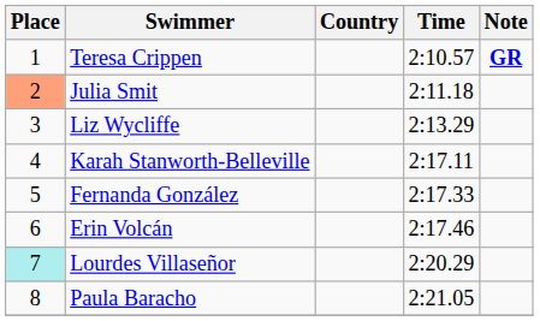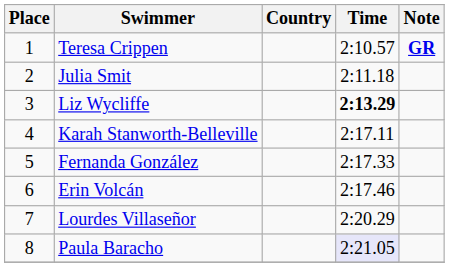 <table class="wikitable" style="text-align:center">
 <tr>
 <th>Place</th>
 <th>Swimmer</th>
 <th>Country</th>
 <th>Time</th>
 <th>Note</th>
 </tr>
 <tr>
 <td>1</td>
 <td align=left><a href='#'>Teresa Crippen</a></td>
 <td align=left></td>
 <td>2:10.57</td>
 <td><strong><a href='#'>GR</a></strong></td>
 </tr>
 <tr>
-<td style="background: lightsalmon;">2</td>
+<td>2</td>
 <td align=left><a href='#'>Julia Smit</a></td>
 <td align=left></td>
 <td>2:11.18</td>
 <td></td>
 </tr>
 <tr>
 <td>3</td>
 <td align=left><a href='#'>Liz Wycliffe</a></td>
 <td align=left></td>
-<td>2:13.29</td>
+<td><strong>2:13.29</strong></td>
 <td></td>
 </tr>
 <tr>
 <td>4</td>
 <td align=left><a href='#'>Karah Stanworth-Belleville</a></td>
 <td align=left></td>
 <td>2:17.11</td>
 <td></td>
 </tr>
 <tr>
 <td>5</td>
 <td align=left><a href='#'>Fernanda González</a></td>
 <td align=left></td>
 <td>2:17.33</td>
 <td></td>
 </tr>
 <tr>
 <td>6</td>
 <td align=left><a href='#'>Erin Volcán</a></td>
 <td align=left></td>
 <td>2:17.46</td>
 <td></td>
 </tr>
 <tr>
-<td style="background: paleturquoise;">7</td>
+<td>7</td>
 <td align=left><a href='#'>Lourdes Villaseñor</a></td>
 <td align=left></td>
 <td>2:20.29</td>
 <td></td>
 </tr>
 <tr>
 <td>8</td>
 <td align=left><a href='#'>Paula Baracho</a></td>
 <td align=left></td>
-<td>2:21.05</td>
+<td style="background: lavender;">2:21.05</td>
 <td></td>
 </tr>
 <tr>
 </tr>
 </table>
